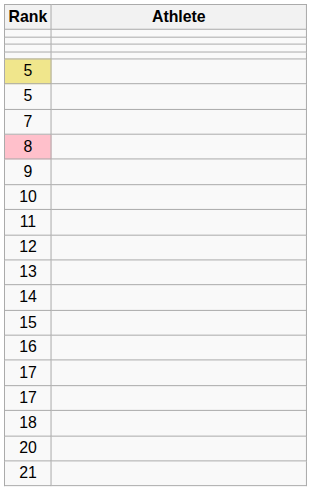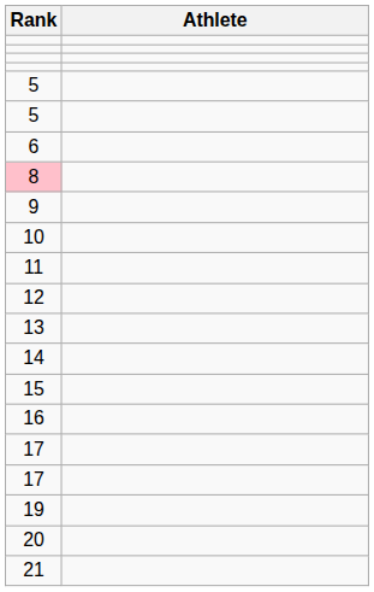 <table class="wikitable" style="text-align: center;">
 <tr>
 <th width=40>Rank</th>
 <th width=250>Athlete</th>
 </tr>
 <tr>
 <td></td>
 <td align="left"></td>
 </tr>
 <tr>
 <td></td>
 <td align="left"></td>
 </tr>
 <tr>
 <td></td>
 <td align="left"></td>
 </tr>
 <tr>
 <td></td>
 <td align="left"></td>
 </tr>
 <tr>
-<td style="background: khaki;">5</td>
+<td>5</td>
 <td align="left"></td>
 </tr>
 <tr>
 <td>5</td>
 <td align="left"></td>
 </tr>
 <tr>
-<td>7</td>
+<td>6</td>
 <td align="left"></td>
 </tr>
 <tr>
 <td style="background: pink;">8</td>
 <td align="left"></td>
 </tr>
 <tr>
 <td>9</td>
 <td align="left"></td>
 </tr>
 <tr>
 <td>10</td>
 <td align="left"></td>
 </tr>
 <tr>
 <td>11</td>
 <td align="left"></td>
 </tr>
 <tr>
 <td>12</td>
 <td align="left"></td>
 </tr>
 <tr>
 <td>13</td>
 <td align="left"></td>
 </tr>
 <tr>
 <td>14</td>
 <td align="left"></td>
 </tr>
 <tr>
 <td>15</td>
 <td align="left"></td>
 </tr>
 <tr>
 <td>16</td>
 <td align="left"></td>
 </tr>
 <tr>
 <td>17</td>
 <td align="left"></td>
 </tr>
 <tr>
 <td>17</td>
 <td align="left"></td>
 </tr>
 <tr>
-<td>18</td>
+<td>19</td>
 <td align="left"></td>
 </tr>
 <tr>
 <td>20</td>
 <td align="left"></td>
 </tr>
 <tr>
 <td>21</td>
 <td align="left"></td>
 </tr>
 </table>
